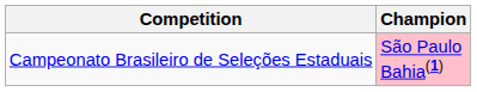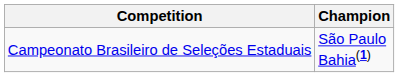 <table class="wikitable">
 <tr>
 <th>Competition</th>
 <th>Champion</th>
 </tr>
 <tr>
 <td><a href='#'>Campeonato Brasileiro de Seleções Estaduais</a></td>
-<td style="background: pink;"><a href='#'>São Paulo</a><br><a href='#'>Bahia</a><sup>(<strong><a href='#'>1</a></strong>)</sup></td>
+<td><a href='#'>São Paulo</a><br><a href='#'>Bahia</a><sup>(<strong><a href='#'>1</a></strong>)</sup></td>
 </tr>
 </table>
